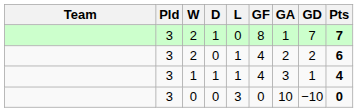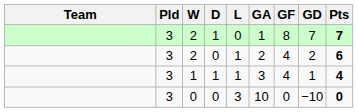 <table class="wikitable" style="text-align:center;">
 <tr>
 <th width=180>Team</th>
 <th width=20>Pld</th>
 <th width=20>W</th>
 <th width=20>D</th>
 <th width=20>L</th>
+<th width=20>GA</th>
 <th width=20>GF</th>
-<th width=20>GA</th>
 <th width=20>GD</th>
 <th width=20>Pts</th>
 </tr>
 <tr bgcolor=#ccffcc>
 <td align="left"></td>
 <td>3</td>
 <td>2</td>
 <td>1</td>
 <td>0</td>
+<td>1</td>
 <td>8</td>
-<td>1</td>
 <td>7</td>
 <td><strong>7</strong></td>
 </tr>
 <tr>
 <td align="left"></td>
 <td>3</td>
 <td>2</td>
 <td>0</td>
 <td>1</td>
+<td>2</td>
 <td>4</td>
-<td>2</td>
 <td>2</td>
 <td><strong>6</strong></td>
 </tr>
 <tr>
 <td align="left"></td>
 <td>3</td>
 <td>1</td>
 <td>1</td>
 <td>1</td>
+<td>3</td>
 <td>4</td>
-<td>3</td>
 <td>1</td>
 <td><strong>4</strong></td>
 </tr>
 <tr>
 <td align="left"></td>
 <td>3</td>
 <td>0</td>
 <td>0</td>
 <td>3</td>
+<td>10</td>
 <td>0</td>
-<td>10</td>
 <td>−10</td>
 <td><strong>0</strong></td>
 </tr>
 </table>
